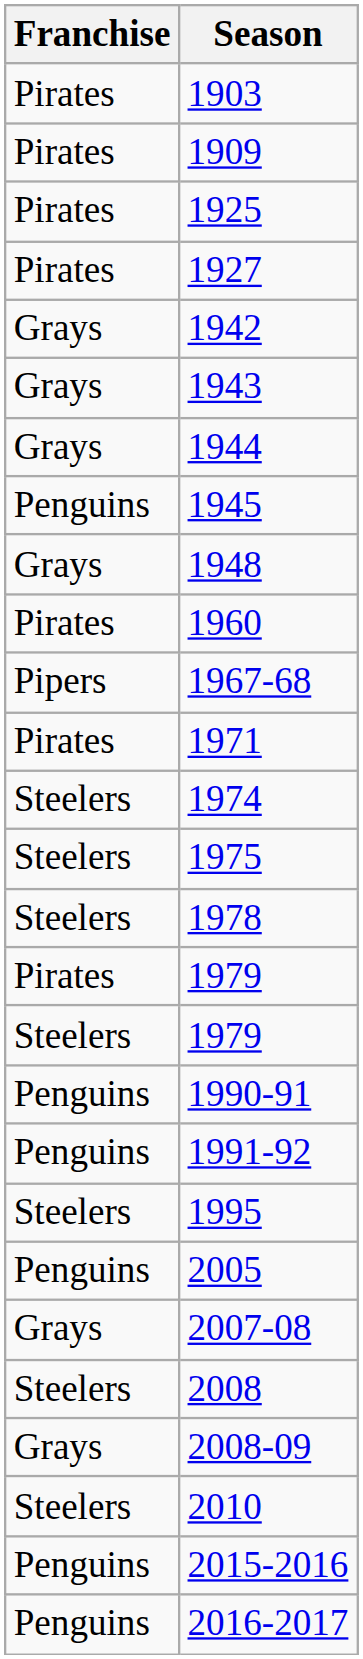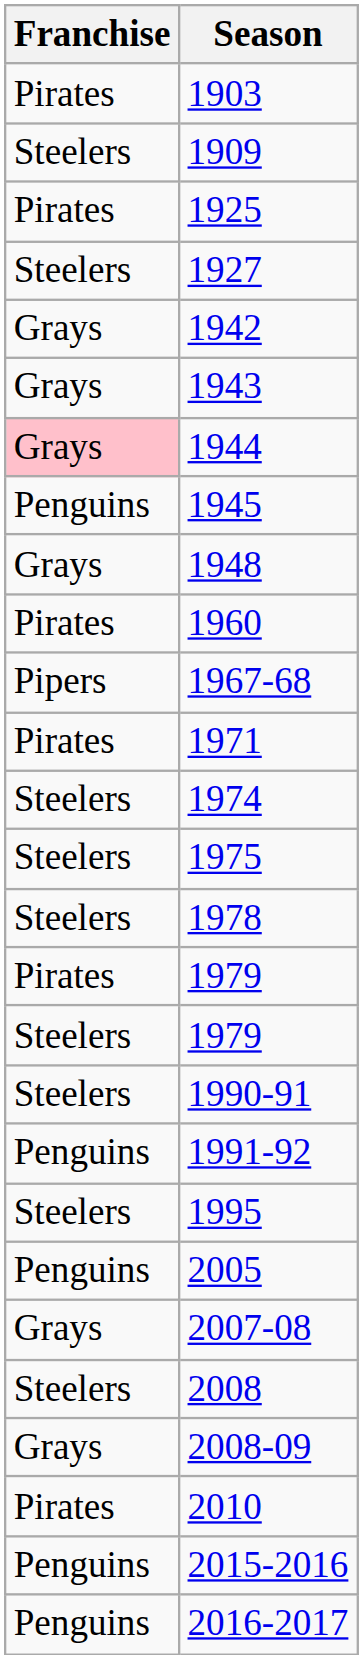 <table class="wikitable mw-collapsible mw-collapsed">
 <tr>
 <th scope="col">Franchise</th>
 <th scope="col">Season</th>
 </tr>
 <tr>
 <td>Pirates</td>
 <td><a href='#'>1903</a></td>
 </tr>
 <tr>
-<td>Pirates</td>
+<td>Steelers</td>
 <td><a href='#'>1909</a></td>
 </tr>
 <tr>
 <td>Pirates</td>
 <td><a href='#'>1925</a></td>
 </tr>
 <tr>
-<td>Pirates</td>
+<td>Steelers</td>
 <td><a href='#'>1927</a></td>
 </tr>
 <tr>
 <td>Grays</td>
 <td><a href='#'>1942</a></td>
 </tr>
 <tr>
 <td>Grays</td>
 <td><a href='#'>1943</a></td>
 </tr>
 <tr>
-<td>Grays</td>
+<td style="background: pink;">Grays</td>
 <td><a href='#'>1944</a></td>
 </tr>
 <tr>
 <td>Penguins</td>
 <td><a href='#'>1945</a></td>
 </tr>
 <tr>
 <td>Grays</td>
 <td><a href='#'>1948</a></td>
 </tr>
 <tr>
 <td>Pirates</td>
 <td><a href='#'>1960</a></td>
 </tr>
 <tr>
 <td>Pipers</td>
 <td><a href='#'>1967-68</a></td>
 </tr>
 <tr>
 <td>Pirates</td>
 <td><a href='#'>1971</a></td>
 </tr>
 <tr>
 <td>Steelers</td>
 <td><a href='#'>1974</a></td>
 </tr>
 <tr>
 <td>Steelers</td>
 <td><a href='#'>1975</a></td>
 </tr>
 <tr>
 <td>Steelers</td>
 <td><a href='#'>1978</a></td>
 </tr>
 <tr>
 <td>Pirates</td>
 <td><a href='#'>1979</a></td>
 </tr>
 <tr>
 <td>Steelers</td>
 <td><a href='#'>1979</a></td>
 </tr>
 <tr>
-<td>Penguins</td>
+<td>Steelers</td>
 <td><a href='#'>1990-91</a></td>
 </tr>
 <tr>
 <td>Penguins</td>
 <td><a href='#'>1991-92</a></td>
 </tr>
 <tr>
 <td>Steelers</td>
 <td><a href='#'>1995</a></td>
 </tr>
 <tr>
 <td>Penguins</td>
 <td><a href='#'>2005</a></td>
 </tr>
 <tr>
 <td>Grays</td>
 <td><a href='#'>2007-08</a></td>
 </tr>
 <tr>
 <td>Steelers</td>
 <td><a href='#'>2008</a></td>
 </tr>
 <tr>
 <td>Grays</td>
 <td><a href='#'>2008-09</a></td>
 </tr>
 <tr>
-<td>Steelers</td>
+<td>Pirates</td>
 <td><a href='#'>2010</a></td>
 </tr>
 <tr>
 <td>Penguins</td>
 <td><a href='#'>2015-2016</a></td>
 </tr>
 <tr>
 <td>Penguins</td>
 <td><a href='#'>2016-2017</a></td>
 </tr>
 </table>
